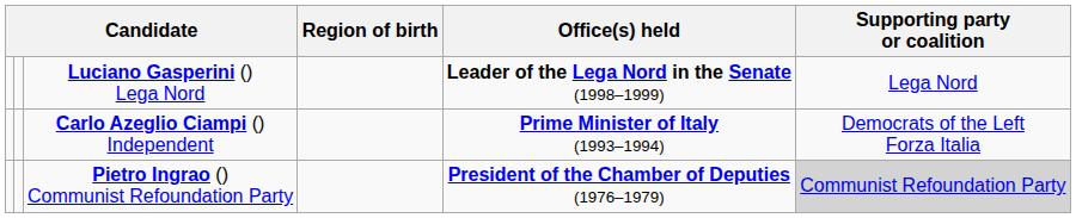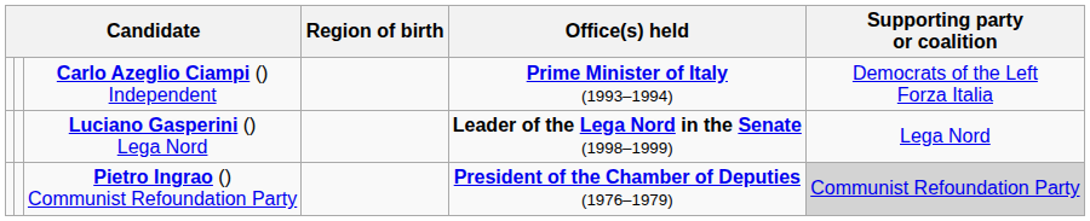 <table class="wikitable" style="text-align:center;">
 <tr>
 <th colspan="3" style="width:;">Candidate</th>
 <th>Region of birth</th>
 <th>Office(s) held</th>
 <th>Supporting party <br> or coalition</th>
+</tr>
+<tr>
+<td style="background-color:"></td>
+<td></td>
+<td><strong><a href='#'>Carlo Azeglio Ciampi</a></strong> ()<br><a href='#'>Independent</a></td>
+<td></td>
+<td><strong><a href='#'>Prime Minister of Italy</a></strong> <br><small>(1993–1994)</small><br></td>
+<td><a href='#'>Democrats of the Left</a><br><a href='#'>Forza Italia</a></td>
 </tr>
 <tr>
 <td style="background-color:"></td>
 <td></td>
 <td><strong><a href='#'>Luciano Gasperini</a></strong> ()<br><a href='#'>Lega Nord</a></td>
 <td></td>
 <td><strong>Leader of the <a href='#'>Lega Nord</a> in the <a href='#'>Senate</a></strong> <br><small>(1998–1999)</small><br></td>
 <td><a href='#'>Lega Nord</a></td>
 </tr>
 <tr>
 <td style="background-color:"></td>
 <td></td>
-<td><strong><a href='#'>Carlo Azeglio Ciampi</a></strong> ()<br><a href='#'>Independent</a></td>
-<td></td>
-<td><strong><a href='#'>Prime Minister of Italy</a></strong> <br><small>(1993–1994)</small><br></td>
-<td><a href='#'>Democrats of the Left</a><br><a href='#'>Forza Italia</a></td>
-</tr>
-<tr>
-<td style="background-color:"></td>
-<td></td>
 <td><strong><a href='#'>Pietro Ingrao</a></strong> ()<br><a href='#'>Communist Refoundation Party</a></td>
 <td></td>
 <td><strong> <a href='#'>President of the Chamber of Deputies</a></strong> <br><small>(1976–1979)</small><br></td>
 <td style="background: lightgrey;"><a href='#'>Communist Refoundation Party</a></td>
 </tr>
 </table>
